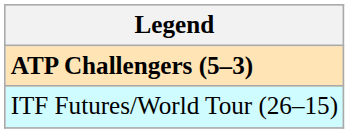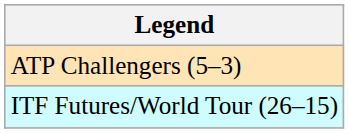 <table class=wikitable style=font-size:97%>
 <tr>
 <th>Legend</th>
 </tr>
 <tr bgcolor=moccasin>
-<td><strong>ATP Challengers (5–3)</strong></td>
+<td>ATP Challengers (5–3)</td>
 </tr>
 <tr bgcolor=cffcff>
 <td>ITF Futures/World Tour (26–15)</td>
 </tr>
 </table>
